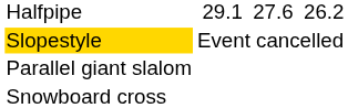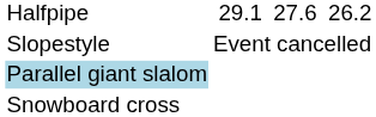 <table>
 <tr>
 <td>Halfpipe<br></td>
 <td></td>
 <td>29.1</td>
 <td></td>
 <td>27.6</td>
 <td></td>
 <td>26.2</td>
 </tr>
 <tr>
-<td style="background: gold;">Slopestyle<br></td>
+<td>Slopestyle<br></td>
 <td align=center colspan=6>Event cancelled</td>
 </tr>
 <tr>
-<td>Parallel giant slalom<br></td>
+<td style="background: lightblue;">Parallel giant slalom<br></td>
 <td colspan="2"></td>
 <td colspan="2"></td>
 <td colspan="2"></td>
 </tr>
 <tr>
 <td>Snowboard cross<br></td>
 <td colspan="2"></td>
 <td colspan="2"></td>
 <td colspan="2"></td>
 </tr>
 </table>
